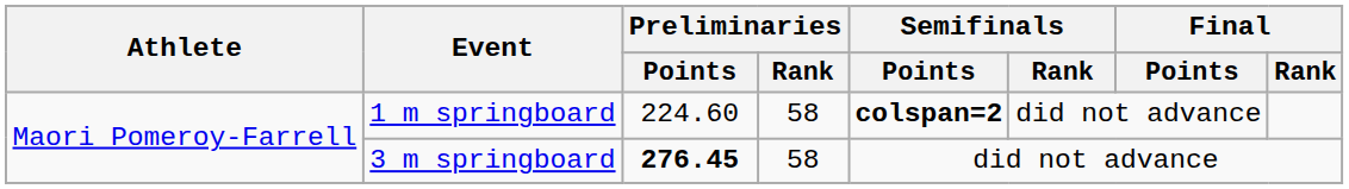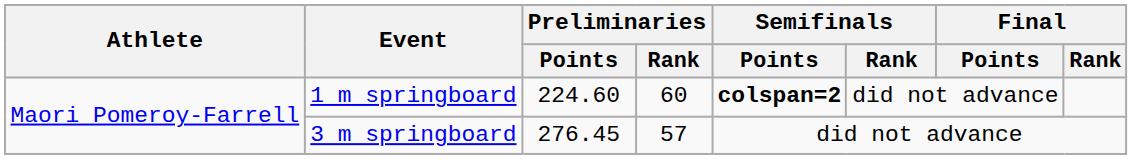 <table class="wikitable" style="text-align:center; font-size:90%;">
 <tr>
 <th rowspan=2>Athlete</th>
 <th rowspan=2>Event</th>
 <th colspan=2>Preliminaries</th>
 <th colspan=2>Semifinals</th>
 <th colspan=2>Final</th>
 </tr>
 <tr style="font-size:95%">
 <th>Points</th>
 <th>Rank</th>
 <th>Points</th>
 <th>Rank</th>
 <th>Points</th>
 <th>Rank</th>
 </tr>
 <tr>
 <td align=left rowspan=2><a href='#'>Maori Pomeroy-Farrell</a></td>
 <td align=left><a href='#'>1 m springboard</a></td>
 <td>224.60</td>
-<td>58</td>
+<td>60</td>
 <td><strong>colspan=2 </strong></td>
 <td colspan=2>did not advance</td>
 </tr>
 <tr>
 <td align=left><a href='#'>3 m springboard</a></td>
-<td><strong>276.45</strong></td>
-<td>58</td>
+<td>276.45</td>
+<td>57</td>
 <td colspan=4>did not advance</td>
 </tr>
 </table>
